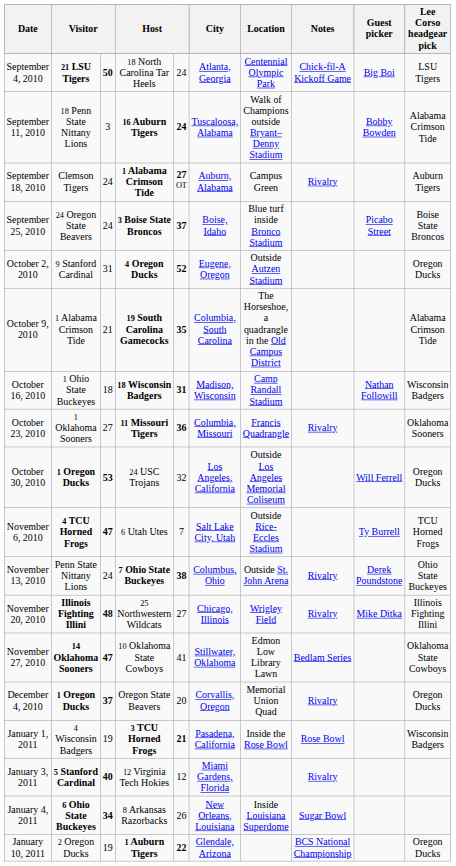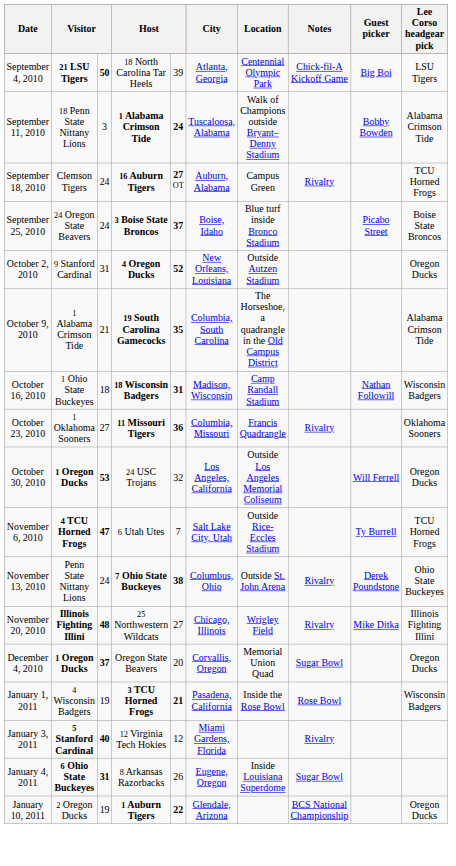 <table class="wikitable" style="text-align:center">
 <tr style="background:#A32638;"|>
 <th>Date</th>
 <th colspan=2>Visitor</th>
 <th colspan=2>Host</th>
 <th>City</th>
 <th>Location</th>
 <th>Notes</th>
 <th>Guest picker</th>
 <th>Lee Corso headgear pick</th>
 </tr>
 <tr>
 <td>September 4, 2010</td>
 <td><strong><small>21</small> LSU Tigers</strong></td>
 <td><strong>50</strong></td>
 <td><small>18</small> North Carolina Tar Heels</td>
-<td>24</td>
+<td>39</td>
 <td><a href='#'>Atlanta, Georgia</a></td>
 <td><a href='#'>Centennial Olympic Park</a></td>
 <td><a href='#'>Chick-fil-A Kickoff Game</a></td>
 <td><a href='#'>Big Boi</a></td>
 <td>LSU Tigers</td>
 </tr>
 <tr>
 <td>September 11, 2010</td>
 <td><small>18</small> Penn State Nittany Lions</td>
 <td>3</td>
-<td><strong><small>16</small> Auburn Tigers</strong></td>
+<td><strong><small>1</small> Alabama Crimson Tide</strong></td>
 <td><strong>24</strong></td>
 <td><a href='#'>Tuscaloosa, Alabama</a></td>
 <td>Walk of Champions outside <a href='#'>Bryant–Denny Stadium</a></td>
 <td></td>
 <td><a href='#'>Bobby Bowden</a></td>
 <td>Alabama Crimson Tide</td>
 </tr>
 <tr>
 <td>September 18, 2010</td>
 <td>Clemson Tigers</td>
 <td>24</td>
-<td><strong><small>1</small> Alabama Crimson Tide</strong></td>
+<td><strong><small>16</small> Auburn Tigers</strong></td>
 <td><strong>27</strong> <sup>OT</sup></td>
 <td><a href='#'>Auburn, Alabama</a></td>
 <td>Campus Green</td>
 <td><a href='#'>Rivalry</a></td>
 <td></td>
-<td>Auburn Tigers</td>
+<td>TCU Horned Frogs</td>
 </tr>
 <tr>
 <td>September 25, 2010</td>
 <td><small>24</small> Oregon State Beavers</td>
 <td>24</td>
 <td><strong><small>3</small> Boise State Broncos</strong></td>
 <td><strong>37</strong></td>
 <td><a href='#'>Boise, Idaho</a></td>
 <td>Blue turf inside <a href='#'>Bronco Stadium</a></td>
 <td></td>
 <td><a href='#'>Picabo Street</a></td>
 <td>Boise State Broncos</td>
 </tr>
 <tr>
 <td>October 2, 2010</td>
 <td><small>9</small> Stanford Cardinal</td>
 <td>31</td>
 <td><strong><small>4</small> Oregon Ducks</strong></td>
 <td><strong>52</strong></td>
-<td><a href='#'>Eugene, Oregon</a></td>
+<td><a href='#'>New Orleans, Louisiana</a></td>
 <td>Outside <a href='#'>Autzen Stadium</a></td>
 <td></td>
 <td></td>
 <td>Oregon Ducks</td>
 </tr>
 <tr>
 <td>October 9, 2010</td>
 <td><small>1</small> Alabama Crimson Tide</td>
 <td>21</td>
 <td><strong><small>19</small> South Carolina Gamecocks</strong></td>
 <td><strong>35</strong></td>
 <td><a href='#'>Columbia, South Carolina</a></td>
 <td>The Horseshoe, a quadrangle in the <a href='#'>Old Campus District</a></td>
 <td></td>
 <td></td>
 <td>Alabama Crimson Tide</td>
 </tr>
 <tr>
 <td>October 16, 2010</td>
 <td><small>1</small> Ohio State Buckeyes</td>
 <td>18</td>
 <td><strong><small>18</small> Wisconsin Badgers</strong></td>
 <td><strong>31</strong></td>
 <td><a href='#'>Madison, Wisconsin</a></td>
 <td><a href='#'>Camp Randall Stadium</a></td>
 <td></td>
 <td><a href='#'>Nathan Followill</a></td>
 <td>Wisconsin Badgers</td>
 </tr>
 <tr>
 <td>October 23, 2010</td>
 <td><small>1</small> Oklahoma Sooners</td>
 <td>27</td>
 <td><strong><small>11</small> Missouri Tigers</strong></td>
 <td><strong>36</strong></td>
 <td><a href='#'>Columbia, Missouri</a></td>
 <td><a href='#'>Francis Quadrangle</a></td>
 <td><a href='#'>Rivalry</a></td>
 <td></td>
 <td>Oklahoma Sooners</td>
 </tr>
 <tr>
 <td>October 30, 2010</td>
 <td><strong><small>1</small> Oregon Ducks</strong></td>
 <td><strong>53</strong></td>
 <td><small>24</small> USC Trojans</td>
 <td>32</td>
 <td><a href='#'>Los Angeles, California</a></td>
 <td>Outside <a href='#'>Los Angeles Memorial Coliseum</a></td>
 <td></td>
 <td><a href='#'>Will Ferrell</a></td>
 <td>Oregon Ducks</td>
 </tr>
 <tr>
 <td>November 6, 2010</td>
 <td><strong><small>4</small> TCU Horned Frogs</strong></td>
 <td><strong>47</strong></td>
 <td><small>6</small> Utah Utes</td>
 <td>7</td>
 <td><a href='#'>Salt Lake City, Utah</a></td>
 <td>Outside <a href='#'>Rice-Eccles Stadium</a></td>
 <td></td>
 <td><a href='#'>Ty Burrell</a></td>
 <td>TCU Horned Frogs</td>
 </tr>
 <tr>
 <td>November 13, 2010</td>
 <td>Penn State Nittany Lions</td>
 <td>24</td>
 <td><strong><small>7</small> Ohio State Buckeyes</strong></td>
 <td><strong>38</strong></td>
 <td><a href='#'>Columbus, Ohio</a></td>
 <td>Outside <a href='#'>St. John Arena</a></td>
 <td><a href='#'>Rivalry</a></td>
 <td><a href='#'>Derek Poundstone</a></td>
 <td>Ohio State Buckeyes</td>
 </tr>
 <tr>
 <td>November 20, 2010</td>
 <td><strong>Illinois Fighting Illini</strong></td>
 <td><strong>48</strong></td>
 <td><small>25</small> Northwestern Wildcats</td>
 <td>27</td>
 <td><a href='#'>Chicago, Illinois</a></td>
 <td><a href='#'>Wrigley Field</a></td>
 <td><a href='#'>Rivalry</a></td>
 <td><a href='#'>Mike Ditka</a></td>
 <td>Illinois Fighting Illini</td>
 </tr>
 <tr>
-<td>November 27, 2010</td>
-<td><strong><small>14</small> Oklahoma Sooners</strong></td>
-<td><strong>47</strong></td>
-<td><small>10</small> Oklahoma State Cowboys</td>
-<td>41</td>
-<td><a href='#'>Stillwater, Oklahoma</a></td>
-<td>Edmon Low Library Lawn</td>
-<td><a href='#'>Bedlam Series</a></td>
-<td></td>
-<td>Oklahoma State Cowboys</td>
-</tr>
-<tr>
 <td>December 4, 2010</td>
 <td><strong><small>1</small> Oregon Ducks</strong></td>
 <td><strong>37</strong></td>
 <td>Oregon State Beavers</td>
 <td>20</td>
 <td><a href='#'>Corvallis, Oregon</a></td>
 <td>Memorial Union Quad</td>
-<td><a href='#'>Rivalry</a></td>
+<td><a href='#'>Sugar Bowl</a></td>
 <td></td>
 <td>Oregon Ducks</td>
 </tr>
 <tr>
 <td>January 1, 2011</td>
 <td><small>4</small> Wisconsin Badgers</td>
 <td>19</td>
 <td><strong><small>3</small> TCU Horned Frogs</strong></td>
 <td><strong>21</strong></td>
 <td><a href='#'>Pasadena, California</a></td>
 <td>Inside the <a href='#'>Rose Bowl</a></td>
 <td><a href='#'>Rose Bowl</a></td>
 <td></td>
 <td>Wisconsin Badgers</td>
 </tr>
 <tr>
 <td>January 3, 2011</td>
 <td><strong><small>5</small> Stanford Cardinal</strong></td>
 <td><strong>40</strong></td>
 <td><small>12</small> Virginia Tech Hokies</td>
 <td>12</td>
 <td><a href='#'>Miami Gardens, Florida</a></td>
 <td></td>
 <td><a href='#'>Rivalry</a></td>
 <td></td>
 <td></td>
 </tr>
 <tr>
 <td>January 4, 2011</td>
 <td><strong><small>6</small> Ohio State Buckeyes</strong></td>
-<td><strong>34</strong></td>
+<td><strong>31</strong></td>
 <td><small>8</small> Arkansas Razorbacks</td>
 <td>26</td>
-<td><a href='#'>New Orleans, Louisiana</a></td>
+<td><a href='#'>Eugene, Oregon</a></td>
 <td>Inside <a href='#'>Louisiana Superdome</a></td>
 <td><a href='#'>Sugar Bowl</a></td>
 <td></td>
 <td></td>
 </tr>
 <tr>
 <td>January 10, 2011</td>
 <td><small>2</small> Oregon Ducks</td>
 <td>19</td>
 <td><strong><small>1</small> Auburn Tigers</strong></td>
 <td><strong>22</strong></td>
 <td><a href='#'>Glendale, Arizona</a></td>
 <td></td>
 <td><a href='#'>BCS National Championship</a></td>
 <td></td>
 <td>Oregon Ducks</td>
 </tr>
 </table>
